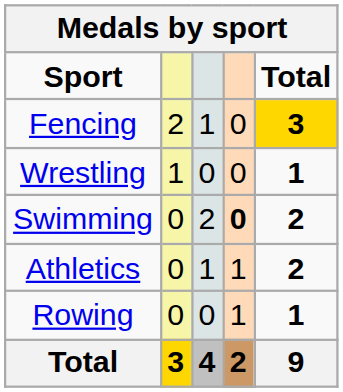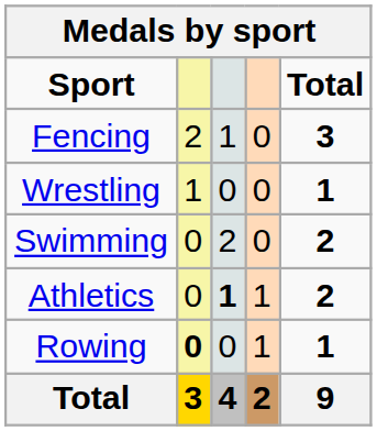 <table class="wikitable" style="font-size:85%; float:right;">
 <tr style="background:#efefef;">
 <th colspan=7>Medals by sport</th>
 </tr>
 <tr style="text-align:center">
 <td><strong>Sport</strong></td>
 <td style="background:#f7f6a8"></td>
 <td style="background:#dce5e5"></td>
 <td style="background:#ffdab9"></td>
 <td><strong>Total</strong></td>
 </tr>
 <tr style="text-align:center">
 <td><a href='#'>Fencing</a></td>
 <td bgcolor=F7F6A8>2</td>
 <td bgcolor=DCE5E5>1</td>
 <td bgcolor=FFDAB9>0</td>
-<td style="background: gold;"><strong>3</strong></td>
+<td><strong>3</strong></td>
 </tr>
 <tr style="text-align:center">
 <td><a href='#'>Wrestling</a></td>
 <td bgcolor=F7F6A8>1</td>
 <td bgcolor=DCE5E5>0</td>
 <td bgcolor=FFDAB9>0</td>
 <td><strong>1</strong></td>
 </tr>
 <tr style="text-align:center">
 <td><a href='#'>Swimming</a></td>
 <td bgcolor=F7F6A8>0</td>
 <td bgcolor=DCE5E5>2</td>
-<td bgcolor=FFDAB9><strong>0</strong></td>
+<td bgcolor=FFDAB9>0</td>
 <td><strong>2</strong></td>
 </tr>
 <tr style="text-align:center">
 <td><a href='#'>Athletics</a></td>
 <td bgcolor=F7F6A8>0</td>
-<td bgcolor=DCE5E5>1</td>
+<td bgcolor=DCE5E5><strong>1</strong></td>
 <td bgcolor=FFDAB9>1</td>
 <td><strong>2</strong></td>
 </tr>
 <tr style="text-align:center">
 <td><a href='#'>Rowing</a></td>
-<td bgcolor=F7F6A8>0</td>
+<td bgcolor=F7F6A8><strong>0</strong></td>
 <td bgcolor=DCE5E5>0</td>
 <td bgcolor=FFDAB9>1</td>
 <td><strong>1</strong></td>
 </tr>
 <tr style="text-align:center">
 <th>Total</th>
 <th style="background:gold">3</th>
 <th style="background:silver">4</th>
 <th style="background:#c96">2</th>
 <th>9</th>
 </tr>
 </table>
